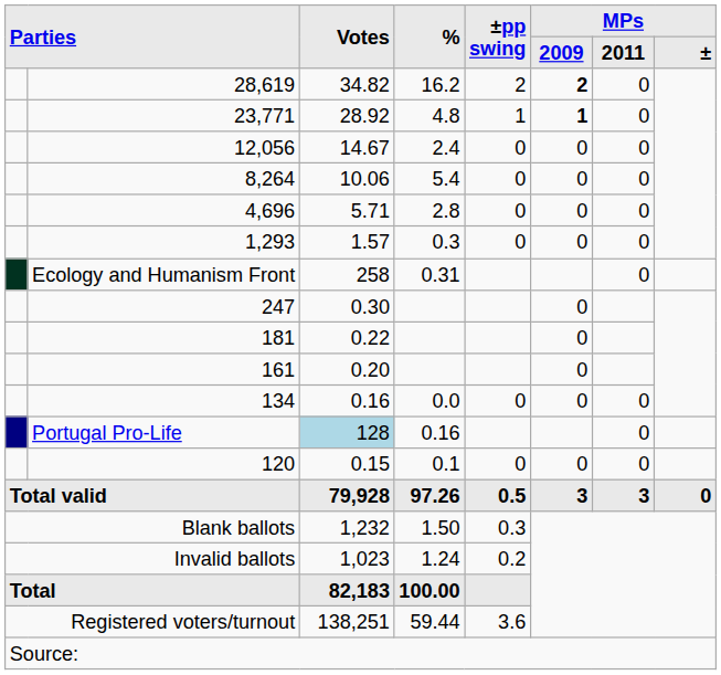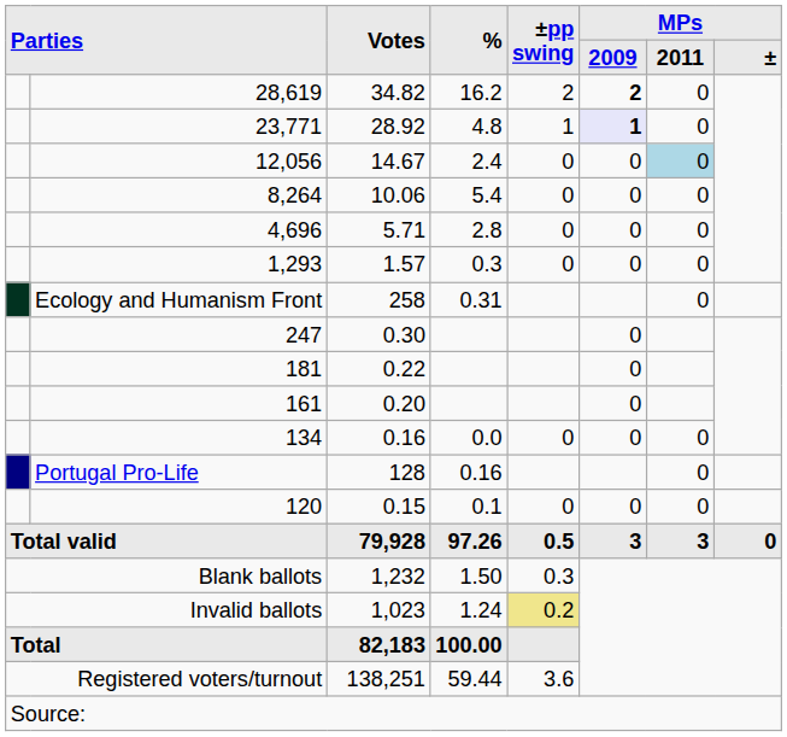 <table class="wikitable" style="text-align:right; font-size:95%;">
 <tr>
 <th rowspan="2" colspan="2" style="background:#e9e9e9; text-align:left;" alignleft><a href='#'>Parties</a></th>
 <th rowspan="2" style="background:#e9e9e9; text-align:right;">Votes</th>
 <th rowspan="2" style="background:#e9e9e9; text-align:right;">%</th>
 <th rowspan="2" style="background:#e9e9e9; text-align:right;">±<a href='#'>pp</a> <a href='#'>swing</a></th>
 <th colspan="3" style="background:#e9e9e9; text-align:center;"><a href='#'>MPs</a></th>
 </tr>
 <tr style="background-color:#E9E9E9">
 <th style="background-color:#E9E9E9;text-align:center;"><a href='#'>2009</a></th>
 <th style="background-color:#E9E9E9;text-align:center;">2011</th>
 <th style="background:#e9e9e9; text-align:right;">±</th>
 </tr>
 <tr>
 <td></td>
 <td>28,619</td>
 <td>34.82</td>
 <td>16.2</td>
 <td>2</td>
 <td><strong>2</strong></td>
 <td>0</td>
 </tr>
 <tr>
 <td></td>
 <td>23,771</td>
 <td>28.92</td>
 <td>4.8</td>
 <td>1</td>
-<td><strong>1</strong></td>
+<td style="background: lavender;"><strong>1</strong></td>
 <td>0</td>
 </tr>
 <tr>
 <td></td>
 <td>12,056</td>
 <td>14.67</td>
 <td>2.4</td>
 <td>0</td>
 <td>0</td>
-<td>0</td>
+<td style="background: lightblue;">0</td>
 </tr>
 <tr>
 <td></td>
 <td>8,264</td>
 <td>10.06</td>
 <td>5.4</td>
 <td>0</td>
 <td>0</td>
 <td>0</td>
 </tr>
 <tr>
 <td></td>
 <td>4,696</td>
 <td>5.71</td>
 <td>2.8</td>
 <td>0</td>
 <td>0</td>
 <td>0</td>
 </tr>
 <tr>
 <td></td>
 <td>1,293</td>
 <td>1.57</td>
 <td>0.3</td>
 <td>0</td>
 <td>0</td>
 <td>0</td>
 </tr>
 <tr>
 <td style="width:10px;background-color:#013220;text-align:center;"></td>
 <td style="text-align:left;">Ecology and Humanism Front </td>
 <td>258</td>
 <td>0.31</td>
 <td></td>
 <td></td>
 <td>0</td>
 <td></td>
 </tr>
 <tr>
 <td></td>
 <td>247</td>
 <td>0.30</td>
 <td></td>
 <td></td>
 <td>0</td>
 <td></td>
 </tr>
 <tr>
 <td></td>
 <td>181</td>
 <td>0.22</td>
 <td></td>
 <td></td>
 <td>0</td>
 <td></td>
 </tr>
 <tr>
 <td></td>
 <td>161</td>
 <td>0.20</td>
 <td></td>
 <td></td>
 <td>0</td>
 <td></td>
 </tr>
 <tr>
 <td></td>
 <td>134</td>
 <td>0.16</td>
 <td>0.0</td>
 <td>0</td>
 <td>0</td>
 <td>0</td>
 </tr>
 <tr>
 <td style="width:10px;background-color:#000080;text-align:center;"></td>
 <td style="text-align:left;"><a href='#'>Portugal Pro-Life</a></td>
-<td style="background: lightblue;">128</td>
+<td>128</td>
 <td>0.16</td>
 <td></td>
 <td></td>
 <td>0</td>
 <td></td>
 </tr>
 <tr>
 <td></td>
 <td>120</td>
 <td>0.15</td>
 <td>0.1</td>
 <td>0</td>
 <td>0</td>
 <td>0</td>
 </tr>
 <tr>
 <td colspan=2 align=left style="background-color:#E9E9E9"><strong>Total valid</strong></td>
 <td width="65" align="right" style="background-color:#E9E9E9"><strong>79,928</strong></td>
 <td width="40" align="right" style="background-color:#E9E9E9"><strong>97.26</strong></td>
 <td width="40" align="right" style="background-color:#E9E9E9"><strong>0.5</strong></td>
 <td width="40" align="right" style="background-color:#E9E9E9"><strong>3</strong></td>
 <td width="40" align="right" style="background-color:#E9E9E9"><strong>3</strong></td>
 <td width="40" align="right" style="background-color:#E9E9E9"><strong>0</strong></td>
 </tr>
 <tr>
 <td colspan=2>Blank ballots</td>
 <td>1,232</td>
 <td>1.50</td>
 <td>0.3</td>
 <td colspan=4 rowspan=4></td>
 </tr>
 <tr>
 <td colspan=2>Invalid ballots</td>
 <td>1,023</td>
 <td>1.24</td>
-<td>0.2</td>
+<td style="background: khaki;">0.2</td>
 </tr>
 <tr>
 <td colspan=2 align=left style="background-color:#E9E9E9"><strong>Total</strong></td>
 <td width="50" align="right" style="background-color:#E9E9E9"><strong>82,183</strong></td>
 <td width="40" align="right" style="background-color:#E9E9E9"><strong>100.00</strong></td>
 <td width="40" align="right" style="background-color:#E9E9E9"></td>
 </tr>
 <tr>
 <td colspan=2>Registered voters/turnout</td>
 <td>138,251</td>
 <td>59.44</td>
 <td>3.6</td>
 </tr>
 <tr>
 <td colspan=11 align=left>Source: </td>
 </tr>
 </table>
